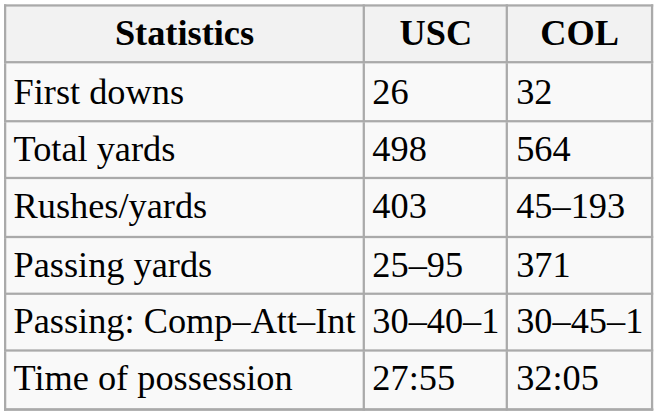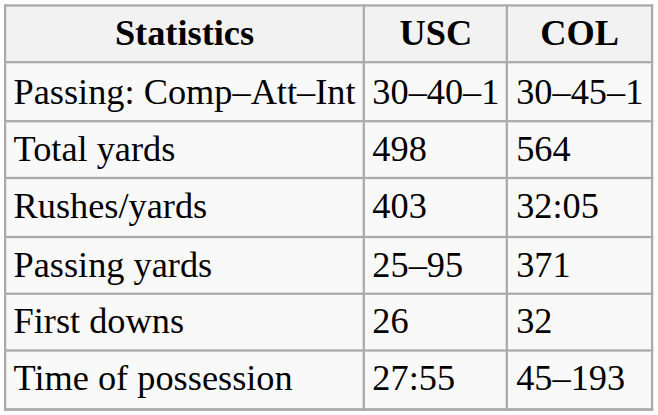 <table class="wikitable" style="float: left;">
 <tr>
 <th>Statistics</th>
 <th>USC</th>
 <th>COL</th>
 </tr>
 <tr>
-<td>First downs</td>
-<td>26</td>
-<td>32</td>
+<td>Passing: Comp–Att–Int</td>
+<td>30–40–1</td>
+<td>30–45–1</td>
 </tr>
 <tr>
 <td>Total yards</td>
 <td>498</td>
 <td>564</td>
 </tr>
 <tr>
 <td>Rushes/yards</td>
 <td>403</td>
-<td>45–193</td>
+<td>32:05</td>
 </tr>
 <tr>
 <td>Passing yards</td>
 <td>25–95</td>
 <td>371</td>
 </tr>
 <tr>
-<td>Passing: Comp–Att–Int</td>
-<td>30–40–1</td>
-<td>30–45–1</td>
+<td>First downs</td>
+<td>26</td>
+<td>32</td>
 </tr>
 <tr>
 <td>Time of possession</td>
 <td>27:55</td>
-<td>32:05</td>
+<td>45–193</td>
 </tr>
 <tr>
 </tr>
 </table>
